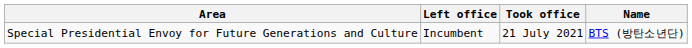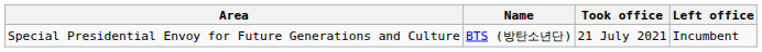 <table class="wikitable">
 <tr>
 <th>Area</th>
+<th>Name</th>
+<th>Took office</th>
 <th>Left office</th>
-<th>Took office</th>
-<th>Name</th>
 </tr>
 <tr>
 <td>Special Presidential Envoy for Future Generations and Culture</td>
+<td><a href='#'>BTS</a> (방탄소년단)</td>
+<td>21 July 2021</td>
 <td>Incumbent</td>
-<td>21 July 2021</td>
-<td><a href='#'>BTS</a> (방탄소년단)</td>
 </tr>
 </table>
